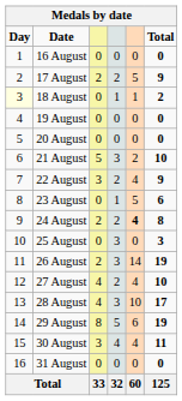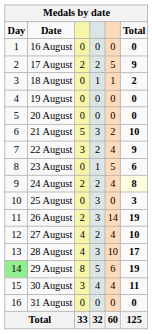 <table class="wikitable" style="font-size:85%; text-align:center; float:right; clear:right;">
 <tr style="background:#efefef;">
 <th colspan=6>Medals by date</th>
 </tr>
 <tr>
 <td><strong>Day</strong></td>
 <td><strong>Date</strong></td>
 <td style="background:#F7F6A8;"></td>
 <td style="background:#DCE5E5;"></td>
 <td style="background:#FFDAB9;"></td>
 <td><strong>Total</strong></td>
 </tr>
 <tr>
 <td>1</td>
 <td>16 August</td>
 <td style="background:#F7F6A8;">0</td>
 <td style="background:#DCE5E5;">0</td>
 <td style="background:#FFDAB9;">0</td>
 <td><strong>0</strong></td>
 </tr>
 <tr>
 <td>2</td>
 <td>17 August</td>
 <td style="background:#F7F6A8;">2</td>
 <td style="background:#DCE5E5;">2</td>
 <td style="background:#FFDAB9;">5</td>
 <td><strong>9</strong></td>
 </tr>
 <tr>
-<td style="background: lightyellow;">3</td>
+<td>3</td>
 <td>18 August</td>
 <td style="background:#F7F6A8;">0</td>
 <td style="background:#DCE5E5;">1</td>
 <td style="background:#FFDAB9;">1</td>
 <td><strong>2</strong></td>
 </tr>
 <tr>
 <td>4</td>
 <td>19 August</td>
 <td style="background:#F7F6A8;">0</td>
 <td style="background:#DCE5E5;">0</td>
 <td style="background:#FFDAB9;">0</td>
 <td><strong>0</strong></td>
 </tr>
 <tr>
 <td>5</td>
 <td>20 August</td>
 <td style="background:#F7F6A8;">0</td>
 <td style="background:#DCE5E5;">0</td>
 <td style="background:#FFDAB9;">0</td>
 <td><strong>0</strong></td>
 </tr>
 <tr>
 <td>6</td>
 <td>21 August</td>
 <td style="background:#F7F6A8;">5</td>
 <td style="background:#DCE5E5;">3</td>
 <td style="background:#FFDAB9;">2</td>
 <td><strong>10</strong></td>
 </tr>
 <tr>
 <td>7</td>
 <td>22 August</td>
 <td style="background:#F7F6A8;">3</td>
 <td style="background:#DCE5E5;">2</td>
 <td style="background:#FFDAB9;">4</td>
 <td><strong>9</strong></td>
 </tr>
 <tr>
 <td>8</td>
 <td>23 August</td>
 <td style="background:#F7F6A8;">0</td>
 <td style="background:#DCE5E5;">1</td>
 <td style="background:#FFDAB9;">5</td>
 <td><strong>6</strong></td>
 </tr>
 <tr>
 <td>9</td>
 <td>24 August</td>
 <td style="background:#F7F6A8;">2</td>
 <td style="background:#DCE5E5;">2</td>
-<td style="background:#FFDAB9;"><strong>4</strong></td>
-<td><strong>8</strong></td>
+<td style="background:#FFDAB9;">4</td>
+<td style="background: lightyellow;"><strong>8</strong></td>
 </tr>
 <tr>
 <td>10</td>
 <td>25 August</td>
 <td style="background:#F7F6A8;">0</td>
 <td style="background:#DCE5E5;">3</td>
 <td style="background:#FFDAB9;">0</td>
 <td><strong>3</strong></td>
 </tr>
 <tr>
 <td>11</td>
 <td>26 August</td>
 <td style="background:#F7F6A8;">2</td>
 <td style="background:#DCE5E5;">3</td>
 <td style="background:#FFDAB9;">14</td>
 <td><strong>19</strong></td>
 </tr>
 <tr>
 <td>12</td>
 <td>27 August</td>
 <td style="background:#F7F6A8;">4</td>
 <td style="background:#DCE5E5;">2</td>
 <td style="background:#FFDAB9;">4</td>
 <td><strong>10</strong></td>
 </tr>
 <tr>
 <td>13</td>
 <td>28 August</td>
 <td style="background:#F7F6A8;">4</td>
 <td style="background:#DCE5E5;">3</td>
 <td style="background:#FFDAB9;">10</td>
 <td><strong>17</strong></td>
 </tr>
 <tr>
-<td>14</td>
+<td style="background: lightgreen;">14</td>
 <td>29 August</td>
 <td style="background:#F7F6A8;">8</td>
 <td style="background:#DCE5E5;">5</td>
 <td style="background:#FFDAB9;">6</td>
 <td><strong>19</strong></td>
 </tr>
 <tr>
 <td>15</td>
 <td>30 August</td>
 <td style="background:#F7F6A8;">3</td>
 <td style="background:#DCE5E5;">4</td>
 <td style="background:#FFDAB9;">4</td>
 <td><strong>11</strong></td>
 </tr>
 <tr>
 <td>16</td>
 <td>31 August</td>
 <td style="background:#F7F6A8;">0</td>
 <td style="background:#DCE5E5;">0</td>
 <td style="background:#FFDAB9;">0</td>
 <td><strong>0</strong></td>
 </tr>
 <tr>
 <th colspan="2">Total</th>
 <th>33</th>
 <th>32</th>
 <th>60</th>
 <th>125</th>
 </tr>
 </table>
